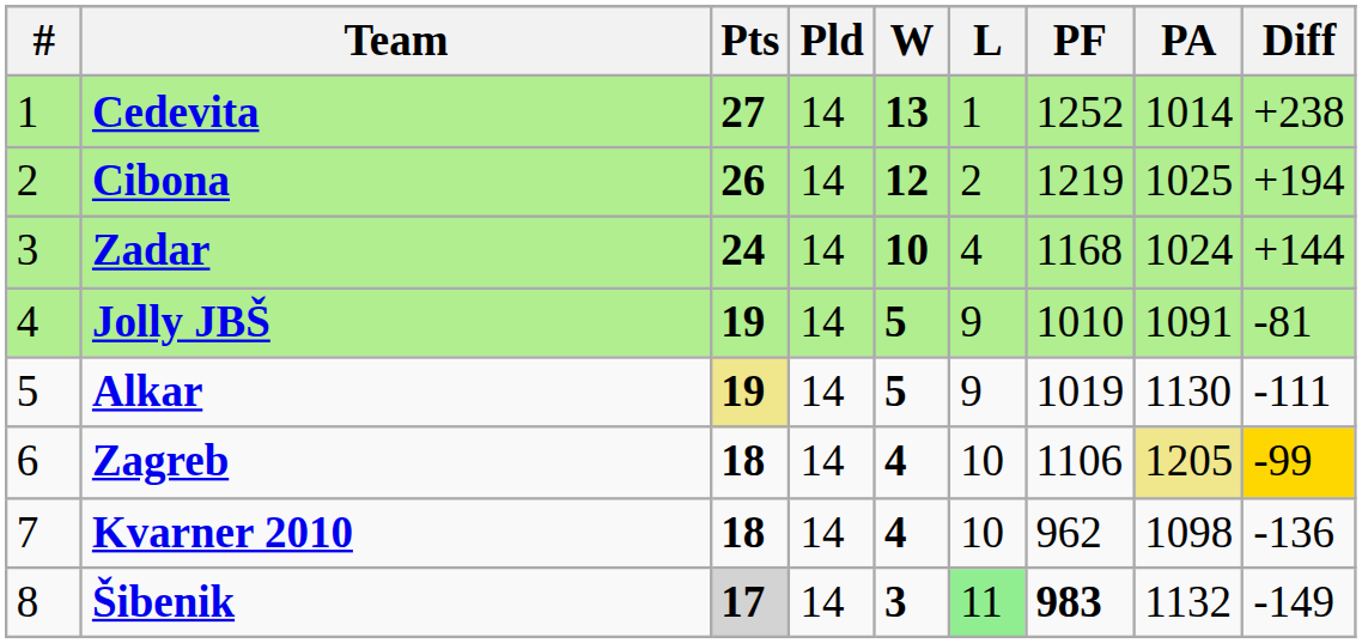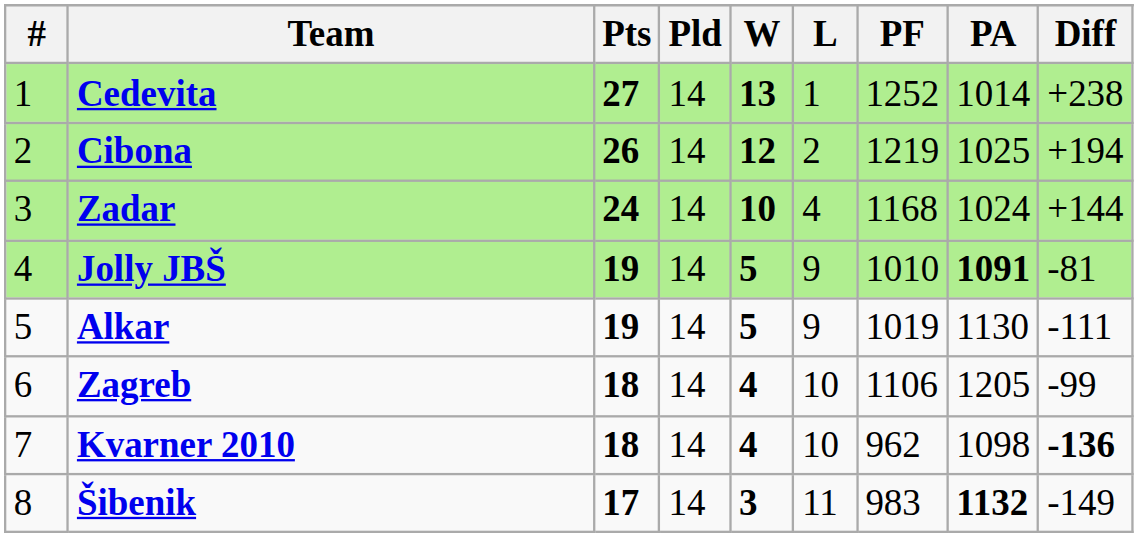 <table class=wikitable>
 <tr align=center>
 </tr>
 <tr>
 <th width=20>#</th>
 <th width=220>Team</th>
 <th width=20>Pts</th>
 <th width=20>Pld</th>
 <th width=20>W</th>
 <th width=20>L</th>
 <th width=20>PF</th>
 <th width=20>PA</th>
 <th width=20>Diff</th>
 </tr>
 <tr bgcolor=B0EE90>
 <td>1</td>
 <td align="left"><strong><a href='#'>Cedevita</a></strong></td>
 <td><strong>27</strong></td>
 <td>14</td>
 <td><strong>13</strong></td>
 <td>1</td>
 <td>1252</td>
 <td>1014</td>
 <td>+238</td>
 </tr>
 <tr bgcolor=B0EE90>
 <td>2</td>
 <td align="left"><strong><a href='#'>Cibona</a></strong></td>
 <td><strong>26</strong></td>
 <td>14</td>
 <td><strong>12</strong></td>
 <td>2</td>
 <td>1219</td>
 <td>1025</td>
 <td>+194</td>
 </tr>
 <tr bgcolor=B0EE90>
 <td>3</td>
 <td align="left"><strong><a href='#'>Zadar</a></strong></td>
 <td><strong>24</strong></td>
 <td>14</td>
 <td><strong>10</strong></td>
 <td>4</td>
 <td>1168</td>
 <td>1024</td>
 <td>+144</td>
 </tr>
 <tr bgcolor=B0EE90>
 <td>4</td>
 <td align="left"><strong><a href='#'>Jolly JBŠ</a></strong></td>
 <td><strong>19</strong></td>
 <td>14</td>
 <td><strong>5</strong></td>
 <td>9</td>
 <td>1010</td>
-<td>1091</td>
+<td><strong>1091</strong></td>
 <td>-81</td>
 </tr>
 <tr>
 <td>5</td>
 <td align="left"><strong><a href='#'>Alkar</a></strong></td>
-<td style="background: khaki;"><strong>19</strong></td>
+<td><strong>19</strong></td>
 <td>14</td>
 <td><strong>5</strong></td>
 <td>9</td>
 <td>1019</td>
 <td>1130</td>
 <td>-111</td>
 </tr>
 <tr>
 <td>6</td>
 <td align="left"><strong><a href='#'>Zagreb</a></strong></td>
 <td><strong>18</strong></td>
 <td>14</td>
 <td><strong>4</strong></td>
 <td>10</td>
 <td>1106</td>
-<td style="background: khaki;">1205</td>
-<td style="background: gold;">-99</td>
+<td>1205</td>
+<td>-99</td>
 </tr>
 <tr>
 <td>7</td>
 <td align="left"><strong><a href='#'>Kvarner 2010</a></strong></td>
 <td><strong>18</strong></td>
 <td>14</td>
 <td><strong>4</strong></td>
 <td>10</td>
 <td>962</td>
 <td>1098</td>
-<td>-136</td>
+<td><strong>-136</strong></td>
 </tr>
 <tr>
 <td>8</td>
 <td align="left"><strong><a href='#'>Šibenik</a></strong></td>
-<td style="background: lightgrey;"><strong>17</strong></td>
+<td><strong>17</strong></td>
 <td>14</td>
 <td><strong>3</strong></td>
-<td style="background: lightgreen;">11</td>
-<td><strong>983</strong></td>
-<td>1132</td>
+<td>11</td>
+<td>983</td>
+<td><strong>1132</strong></td>
 <td>-149</td>
 </tr>
 </table>
